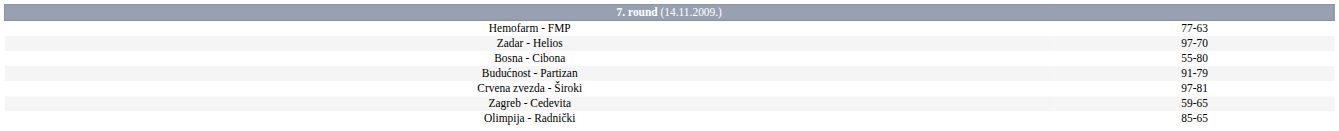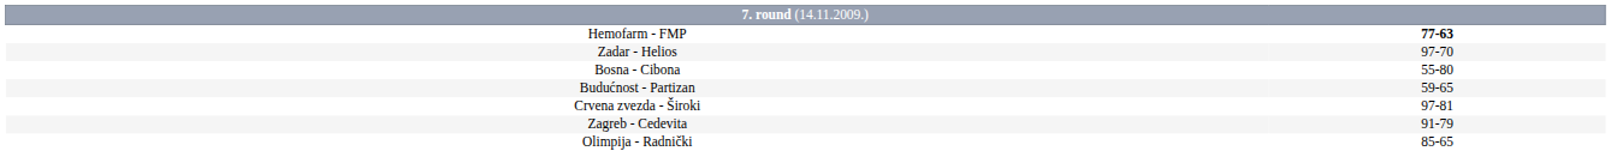 <table border=0 cellspacing=0 cellpadding=1em style="font-size: 85%; border-collapse: collapse;width:100%;">
 <tr>
 <td colspan=5 bgcolor=#98A1B2 style="border:1px solid #7A8392; text-align:center; color:#FFFFFF;"><strong>7. round</strong> (14.11.2009.)</td>
 </tr>
 <tr align=center bgcolor=#FFFFFF>
 <td>Hemofarm - FMP</td>
-<td>77-63</td>
+<td><strong>77-63</strong></td>
 </tr>
 <tr align=center bgcolor=#f5f5f5>
 <td>Zadar - Helios</td>
 <td>97-70</td>
 </tr>
 <tr align=center bgcolor=#FFFFFF>
 <td>Bosna - Cibona</td>
 <td>55-80</td>
 </tr>
 <tr align=center bgcolor=#f5f5f5>
 <td>Budućnost - Partizan</td>
-<td>91-79</td>
+<td>59-65</td>
 </tr>
 <tr align=center bgcolor=#FFFFFF>
 <td>Crvena zvezda - Široki</td>
 <td>97-81</td>
 </tr>
 <tr align=center bgcolor=#f5f5f5>
 <td>Zagreb - Cedevita</td>
-<td>59-65</td>
+<td>91-79</td>
 </tr>
 <tr align=center bgcolor=#FFFFFF>
 <td>Olimpija - Radnički</td>
 <td>85-65</td>
 </tr>
 </table>
